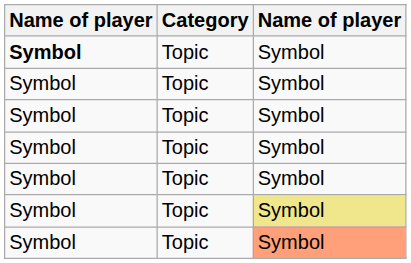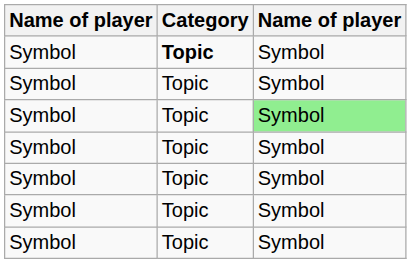 <table class="wikitable">
 <tr>
 <th>Name of player</th>
 <th>Category</th>
 <th>Name of player</th>
 </tr>
 <tr>
-<td><strong>Symbol</strong></td>
+<td>Symbol</td>
+<td><strong>Topic</strong></td>
+<td>Symbol</td>
+</tr>
+<tr>
+<td>Symbol</td>
 <td>Topic</td>
 <td>Symbol</td>
+</tr>
+<tr>
+<td>Symbol</td>
+<td>Topic</td>
+<td style="background: lightgreen;">Symbol</td>
 </tr>
 <tr>
 <td>Symbol</td>
 <td>Topic</td>
 <td>Symbol</td>
 </tr>
 <tr>
 <td>Symbol</td>
 <td>Topic</td>
 <td>Symbol</td>
 </tr>
 <tr>
 <td>Symbol</td>
 <td>Topic</td>
 <td>Symbol</td>
 </tr>
 <tr>
 <td>Symbol</td>
 <td>Topic</td>
 <td>Symbol</td>
 </tr>
-<tr>
-<td>Symbol</td>
-<td>Topic</td>
-<td style="background: khaki;">Symbol</td>
-</tr>
-<tr>
-<td>Symbol</td>
-<td>Topic</td>
-<td style="background: lightsalmon;">Symbol</td>
-</tr>
 </table>
